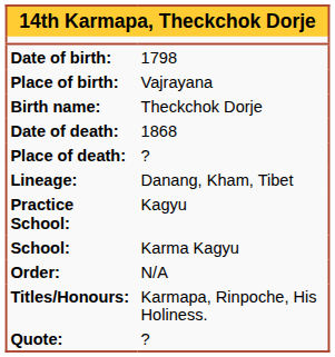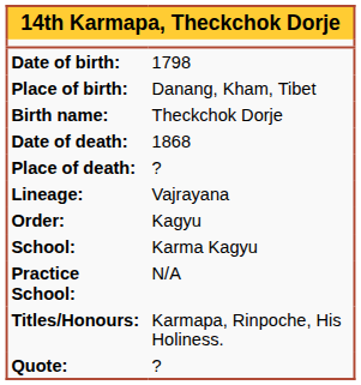 <table class="infobox" style="width: 20em; font-size: 95%; text-align: left; border-collapse: collapse; border-top: 2px solid #af4630; border-right: 2px solid #af4630; border-left: 2px solid #af4630; border-bottom: 2px solid #af4630;" cellpadding="3">
 <tr style="background-color: #FFCC33;">
 <th colspan="2" style="text-align: center; font-size: larger;">14th Karmapa, Theckchok Dorje</th>
 </tr>
 <tr>
 <td colspan="2" style="text-align: center; border-bottom: 2px solid #af4630;"></td>
 </tr>
 <tr>
 <th>Date of birth:</th>
 <td>1798</td>
 </tr>
 <tr>
 <th>Place of birth:</th>
-<td>Vajrayana</td>
+<td>Danang, Kham, Tibet</td>
 </tr>
 <tr>
 <th>Birth name:</th>
 <td>Theckchok Dorje</td>
 </tr>
 <tr>
 <th>Date of death:</th>
 <td>1868</td>
 </tr>
 <tr>
 <th>Place of death:</th>
 <td>?</td>
 </tr>
 <tr>
 <th>Lineage:</th>
-<td>Danang, Kham, Tibet</td>
+<td>Vajrayana</td>
 </tr>
 <tr>
-<th>Practice School:</th>
+<th>Order:</th>
 <td>Kagyu</td>
 </tr>
 <tr>
 <th>School:</th>
 <td>Karma Kagyu</td>
 </tr>
 <tr>
-<th>Order:</th>
+<th>Practice School:</th>
 <td>N/A</td>
 </tr>
 <tr>
 <th>Titles/Honours:</th>
 <td>Karmapa, Rinpoche, His Holiness.</td>
 </tr>
 <tr>
 <th>Quote:</th>
 <td>?</td>
 </tr>
 <tr>
 </tr>
 </table>
